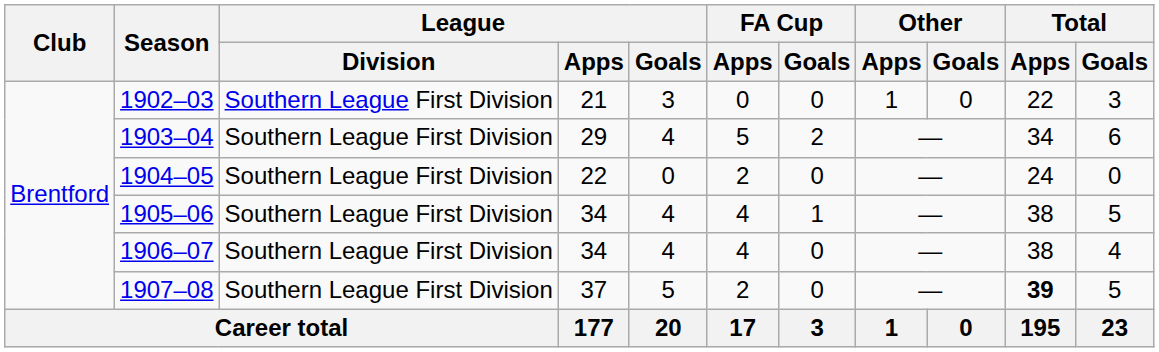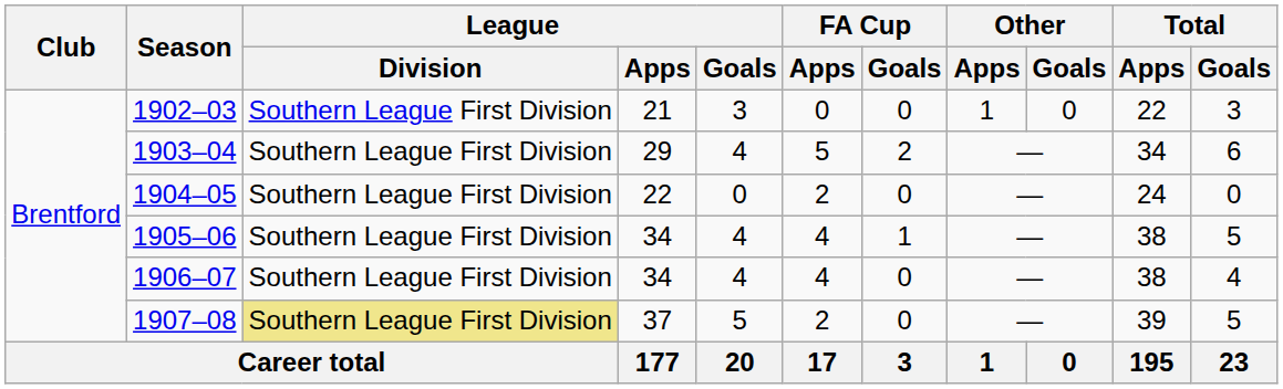 <table class="wikitable" style="text-align: center;">
 <tr>
 <th rowspan="2">Club</th>
 <th rowspan="2">Season</th>
 <th colspan="3">League</th>
 <th colspan="2">FA Cup</th>
 <th colspan="2">Other</th>
 <th colspan="2">Total</th>
 </tr>
 <tr>
 <th>Division</th>
 <th>Apps</th>
 <th>Goals</th>
 <th>Apps</th>
 <th>Goals</th>
 <th>Apps</th>
 <th>Goals</th>
 <th>Apps</th>
 <th>Goals</th>
 </tr>
 <tr>
 <td rowspan="6"><a href='#'>Brentford</a></td>
 <td><a href='#'>1902–03</a></td>
 <td><a href='#'>Southern League</a> First Division</td>
 <td>21</td>
 <td>3</td>
 <td>0</td>
 <td>0</td>
 <td>1</td>
 <td>0</td>
 <td>22</td>
 <td>3</td>
 </tr>
 <tr>
 <td><a href='#'>1903–04</a></td>
 <td>Southern League First Division</td>
 <td>29</td>
 <td>4</td>
 <td>5</td>
 <td>2</td>
 <td colspan="2">—</td>
 <td>34</td>
 <td>6</td>
 </tr>
 <tr>
 <td><a href='#'>1904–05</a></td>
 <td>Southern League First Division</td>
 <td>22</td>
 <td>0</td>
 <td>2</td>
 <td>0</td>
 <td colspan="2">—</td>
 <td>24</td>
 <td>0</td>
 </tr>
 <tr>
 <td><a href='#'>1905–06</a></td>
 <td>Southern League First Division</td>
 <td>34</td>
 <td>4</td>
 <td>4</td>
 <td>1</td>
 <td colspan="2">—</td>
 <td>38</td>
 <td>5</td>
 </tr>
 <tr>
 <td><a href='#'>1906–07</a></td>
 <td>Southern League First Division</td>
 <td>34</td>
 <td>4</td>
 <td>4</td>
 <td>0</td>
 <td colspan="2">—</td>
 <td>38</td>
 <td>4</td>
 </tr>
 <tr>
 <td><a href='#'>1907–08</a></td>
-<td>Southern League First Division</td>
+<td style="background: khaki;">Southern League First Division</td>
 <td>37</td>
 <td>5</td>
 <td>2</td>
 <td>0</td>
 <td colspan="2">—</td>
-<td><strong>39</strong></td>
+<td>39</td>
 <td>5</td>
 </tr>
 <tr>
 <th colspan="3">Career total</th>
 <th>177</th>
 <th>20</th>
 <th>17</th>
 <th>3</th>
 <th>1</th>
 <th>0</th>
 <th>195</th>
 <th>23</th>
 </tr>
 </table>
